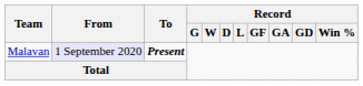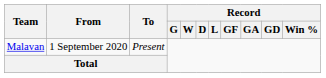 <table class="wikitable" style="text-align: center">
 <tr>
 <th rowspan="2">Team</th>
 <th rowspan="2">From</th>
 <th rowspan="2">To</th>
 <th colspan="8">Record</th>
 </tr>
 <tr>
 <th>G</th>
 <th>W</th>
 <th>D</th>
 <th>L</th>
 <th>GF</th>
 <th>GA</th>
 <th>GD</th>
 <th>Win %</th>
 </tr>
 <tr>
 <td><a href='#'>Malavan</a></td>
-<td style="background: lavender;">1 September 2020</td>
-<td><strong><em>Present</em><br></strong></td>
+<td>1 September 2020</td>
+<td><em>Present</em><br></td>
 </tr>
 <tr>
 <th colspan="3">Total<br></th>
 </tr>
 </table>
